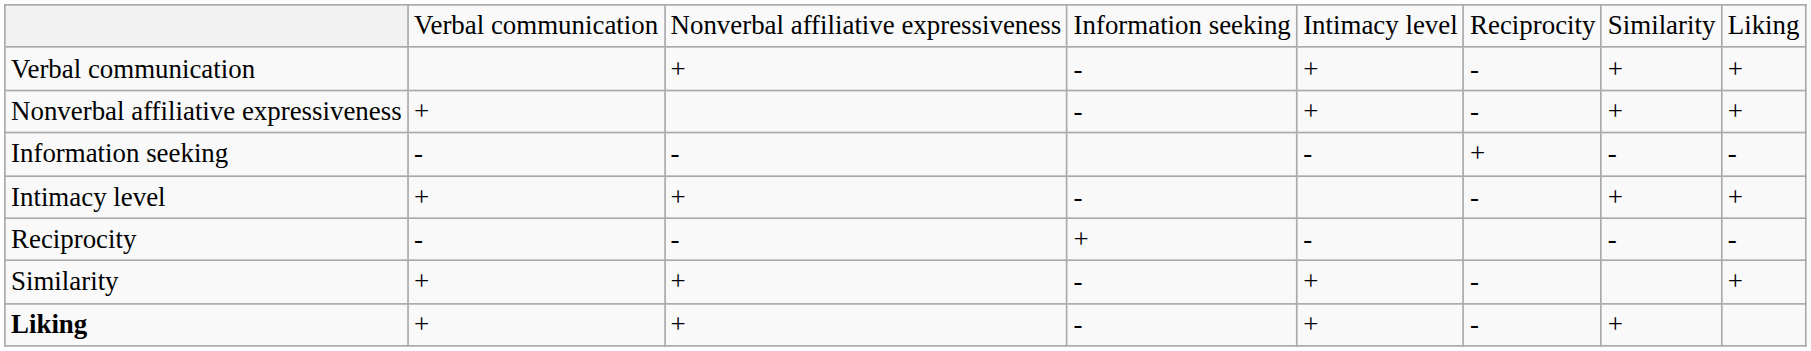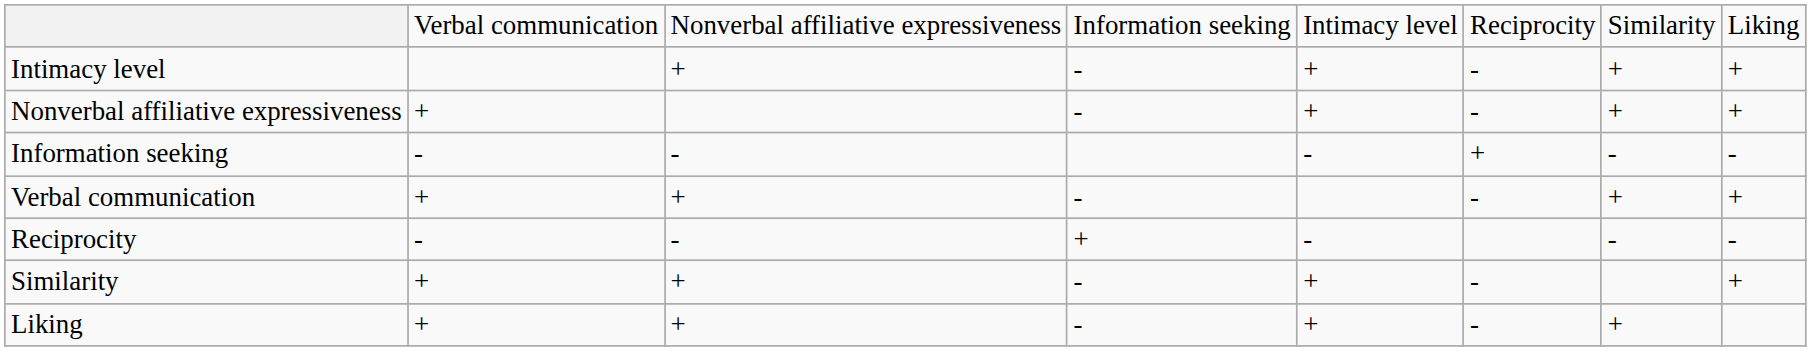 <table class="wikitable">
 <tr>
 <th></th>
 <td>Verbal communication</td>
 <td>Nonverbal affiliative expressiveness</td>
 <td>Information seeking</td>
 <td>Intimacy level</td>
 <td>Reciprocity</td>
 <td>Similarity</td>
 <td>Liking</td>
 </tr>
 <tr>
-<td>Verbal communication</td>
+<td>Intimacy level</td>
 <td></td>
 <td>+</td>
 <td>-</td>
 <td>+</td>
 <td>-</td>
 <td>+</td>
 <td>+</td>
 </tr>
 <tr>
 <td>Nonverbal affiliative expressiveness</td>
 <td>+</td>
 <td></td>
 <td>-</td>
 <td>+</td>
 <td>-</td>
 <td>+</td>
 <td>+</td>
 </tr>
 <tr>
 <td>Information seeking</td>
 <td>-</td>
 <td>-</td>
 <td></td>
 <td>-</td>
 <td>+</td>
 <td>-</td>
 <td>-</td>
 </tr>
 <tr>
-<td>Intimacy level</td>
+<td>Verbal communication</td>
 <td>+</td>
 <td>+</td>
 <td>-</td>
 <td></td>
 <td>-</td>
 <td>+</td>
 <td>+</td>
 </tr>
 <tr>
 <td>Reciprocity</td>
 <td>-</td>
 <td>-</td>
 <td>+</td>
 <td>-</td>
 <td></td>
 <td>-</td>
 <td>-</td>
 </tr>
 <tr>
 <td>Similarity</td>
 <td>+</td>
 <td>+</td>
 <td>-</td>
 <td>+</td>
 <td>-</td>
 <td></td>
 <td>+</td>
 </tr>
 <tr>
-<td><strong>Liking</strong></td>
+<td>Liking</td>
 <td>+</td>
 <td>+</td>
 <td>-</td>
 <td>+</td>
 <td>-</td>
 <td>+</td>
 <td></td>
 </tr>
 </table>
